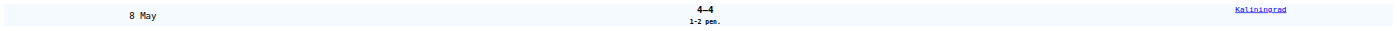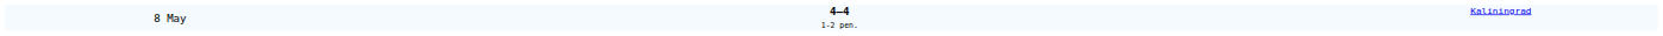 <table style="width: 100%; background:#F5FAFF;" cellspacing="0">
 <tr>
 <td align=center rowspan=3 width=20%>8 May</td>
 </tr>
 <tr>
 <td width=24% align=right></td>
 <td align=center width=13%><strong>4–4</strong></td>
 <td width=24%></td>
 <td style=font-size:85% rowspan=3 valign=top align=center><a href='#'>Kaliningrad</a></td>
 </tr>
 <tr style=font-size:85%>
 <td align=right valign=top></td>
-<td align=center><strong><small>1-2 pen.</small></strong></td>
+<td align=center><small>1-2 pen.</small></td>
 <td></td>
 </tr>
 </table>
